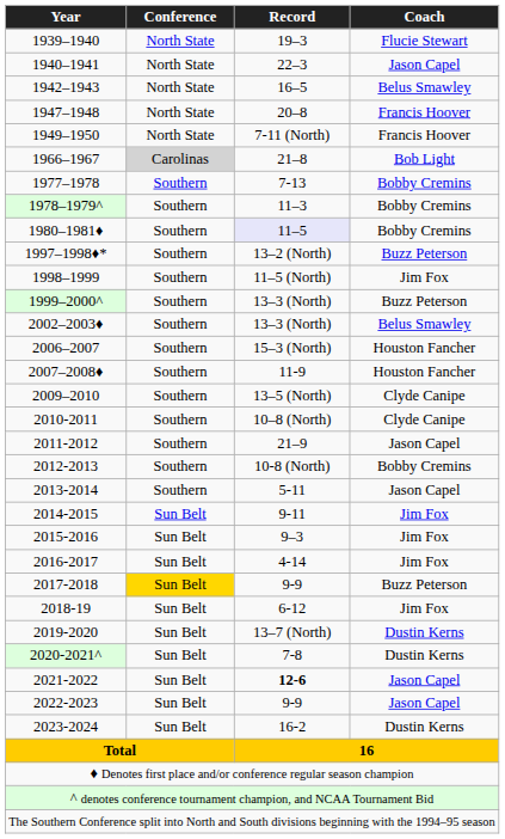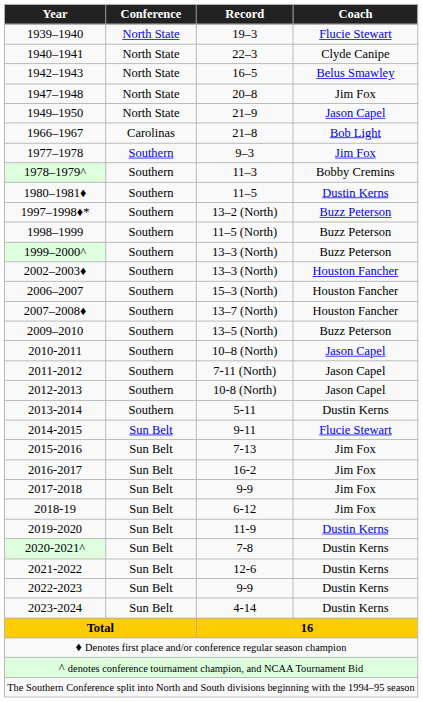 <table class="wikitable" style="text-align:center">
 <tr>
 <th style="background:#222222; color:white;">Year</th>
 <th style="background:#222222; color:white;">Conference</th>
 <th style="background:#222222; color:white;">Record</th>
 <th style="background:#222222; color:white;">Coach</th>
 </tr>
 <tr align="center">
 <td>1939–1940</td>
 <td><a href='#'>North State</a></td>
 <td>19–3</td>
 <td><a href='#'>Flucie Stewart</a></td>
 </tr>
 <tr align="center">
 <td>1940–1941</td>
 <td>North State</td>
 <td>22–3</td>
-<td><a href='#'>Jason Capel</a></td>
+<td>Clyde Canipe</td>
 </tr>
 <tr align="center">
 <td>1942–1943</td>
 <td>North State</td>
 <td>16–5</td>
 <td><a href='#'>Belus Smawley</a></td>
 </tr>
 <tr align="center">
 <td>1947–1948</td>
 <td>North State</td>
 <td>20–8</td>
-<td><a href='#'>Francis Hoover</a></td>
+<td>Jim Fox</td>
 </tr>
 <tr align="center">
 <td>1949–1950</td>
 <td>North State</td>
-<td>7-11 (North)</td>
-<td>Francis Hoover</td>
+<td>21–9</td>
+<td><a href='#'>Jason Capel</a></td>
 </tr>
 <tr align="center">
 <td>1966–1967</td>
-<td style="background: lightgrey;">Carolinas</td>
+<td>Carolinas</td>
 <td>21–8</td>
 <td><a href='#'>Bob Light</a></td>
 </tr>
 <tr align="center">
 <td>1977–1978</td>
 <td><a href='#'>Southern</a></td>
-<td>7-13</td>
-<td><a href='#'>Bobby Cremins</a></td>
+<td>9–3</td>
+<td><a href='#'>Jim Fox</a></td>
 </tr>
 <tr align="center">
 <td style="background: #ddffdd">1978–1979^</td>
 <td>Southern</td>
 <td>11–3</td>
 <td>Bobby Cremins</td>
 </tr>
 <tr align="center">
 <td>1980–1981♦</td>
 <td>Southern</td>
-<td style="background: lavender;">11–5</td>
-<td>Bobby Cremins</td>
+<td>11–5</td>
+<td><a href='#'>Dustin Kerns</a></td>
 </tr>
 <tr align="center">
 <td>1997–1998♦*</td>
 <td>Southern</td>
 <td>13–2 (North)</td>
 <td><a href='#'>Buzz Peterson</a></td>
 </tr>
 <tr align="center">
 <td>1998–1999</td>
 <td>Southern</td>
 <td>11–5 (North)</td>
-<td>Jim Fox</td>
+<td>Buzz Peterson</td>
 </tr>
 <tr align="center">
 <td style="background: #ddffdd">1999–2000^</td>
 <td>Southern</td>
 <td>13–3 (North)</td>
 <td>Buzz Peterson</td>
 </tr>
 <tr align="center">
 <td>2002–2003♦</td>
 <td>Southern</td>
 <td>13–3 (North)</td>
-<td><a href='#'>Belus Smawley</a></td>
+<td><a href='#'>Houston Fancher</a></td>
 </tr>
 <tr align="center">
 <td>2006–2007</td>
 <td>Southern</td>
 <td>15–3 (North)</td>
 <td>Houston Fancher</td>
 </tr>
 <tr align="center">
 <td>2007–2008♦</td>
 <td>Southern</td>
-<td>11-9</td>
+<td>13–7 (North)</td>
 <td>Houston Fancher</td>
 </tr>
 <tr align="center">
 <td>2009–2010</td>
 <td>Southern</td>
 <td>13–5 (North)</td>
-<td>Clyde Canipe</td>
+<td>Buzz Peterson</td>
 </tr>
 <tr align="center">
 <td>2010-2011</td>
 <td>Southern</td>
 <td>10–8 (North)</td>
-<td>Clyde Canipe</td>
+<td><a href='#'>Jason Capel</a></td>
 </tr>
 <tr align="center">
 <td>2011-2012</td>
 <td>Southern</td>
-<td>21–9</td>
+<td>7-11 (North)</td>
 <td>Jason Capel</td>
 </tr>
 <tr align="center">
 <td>2012-2013</td>
 <td>Southern</td>
 <td>10-8 (North)</td>
-<td>Bobby Cremins</td>
+<td>Jason Capel</td>
 </tr>
 <tr align="center">
 <td>2013-2014</td>
 <td>Southern</td>
 <td>5-11</td>
-<td>Jason Capel</td>
+<td>Dustin Kerns</td>
 </tr>
 <tr align="center">
 <td>2014-2015</td>
 <td><a href='#'>Sun Belt</a></td>
 <td>9-11</td>
-<td><a href='#'>Jim Fox</a></td>
+<td><a href='#'>Flucie Stewart</a></td>
 </tr>
 <tr align="center">
 <td>2015-2016</td>
 <td>Sun Belt</td>
-<td>9–3</td>
+<td>7-13</td>
 <td>Jim Fox</td>
 </tr>
 <tr align="center">
 <td>2016-2017</td>
 <td>Sun Belt</td>
-<td>4-14</td>
+<td>16-2</td>
 <td>Jim Fox</td>
 </tr>
 <tr align="center">
 <td>2017-2018</td>
-<td style="background: gold;">Sun Belt</td>
+<td>Sun Belt</td>
 <td>9-9</td>
-<td>Buzz Peterson</td>
+<td>Jim Fox</td>
 </tr>
 <tr align="center">
 <td>2018-19</td>
 <td>Sun Belt</td>
 <td>6-12</td>
 <td>Jim Fox</td>
 </tr>
 <tr align="center">
 <td>2019-2020</td>
 <td>Sun Belt</td>
-<td>13–7 (North)</td>
+<td>11-9</td>
 <td><a href='#'>Dustin Kerns</a></td>
 </tr>
 <tr align="center">
 <td style="background: #ddffdd">2020-2021^</td>
 <td>Sun Belt</td>
 <td>7-8</td>
 <td>Dustin Kerns</td>
 </tr>
 <tr align="center">
 <td>2021-2022</td>
 <td>Sun Belt</td>
-<td><strong>12-6</strong></td>
-<td><a href='#'>Jason Capel</a></td>
+<td>12-6</td>
+<td>Dustin Kerns</td>
 </tr>
 <tr align="center">
 <td>2022-2023</td>
 <td>Sun Belt</td>
 <td>9-9</td>
-<td><a href='#'>Jason Capel</a></td>
+<td>Dustin Kerns</td>
 </tr>
 <tr align="center">
 <td>2023-2024</td>
 <td>Sun Belt</td>
-<td>16-2</td>
+<td>4-14</td>
 <td>Dustin Kerns</td>
 </tr>
 <tr align="center">
 <td colspan=2 bgcolor="#ffcc00"><strong>Total</strong></td>
 <td colspan=2 bgcolor="#ffcc00"><strong>16</strong></td>
 </tr>
 <tr>
 <td colspan="4">♦ <small>Denotes first place and/or conference regular season champion</small></td>
 </tr>
 <tr>
 <td colspan="4" style="background: #ddffdd">^ <small> denotes conference tournament champion, and NCAA Tournament Bid</small></td>
 </tr>
 <tr>
 <td colspan="4"> <small>The Southern Conference split into North and South divisions beginning with the 1994–95 season</small></td>
 </tr>
 </table>
